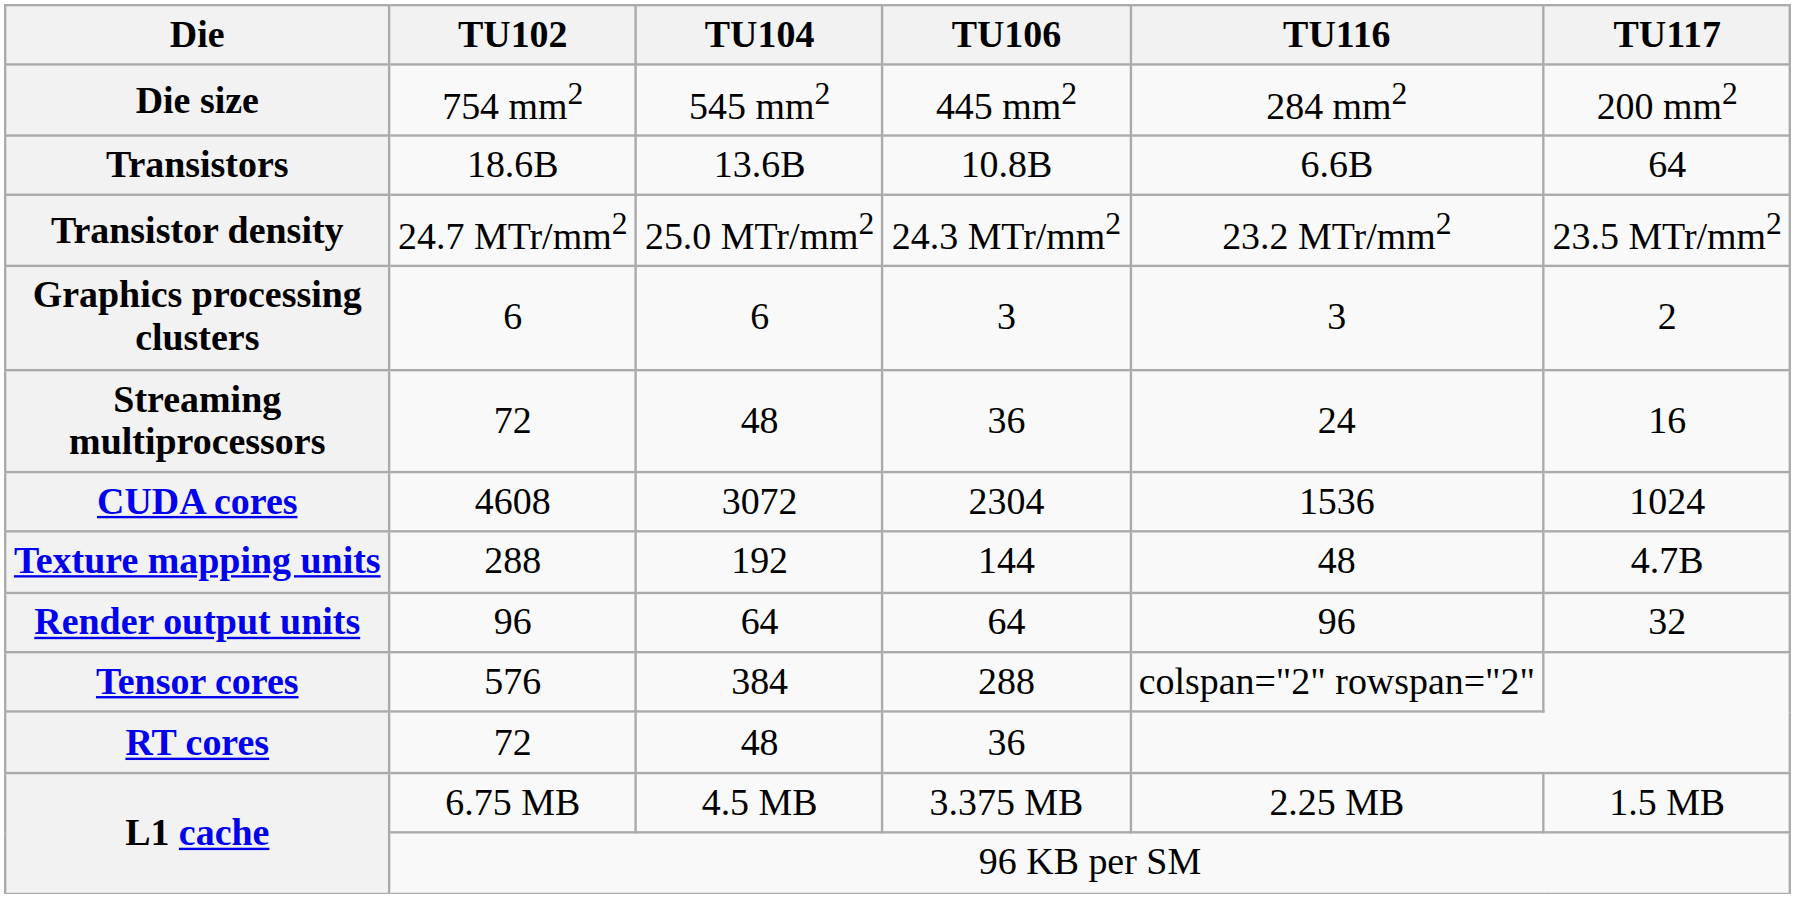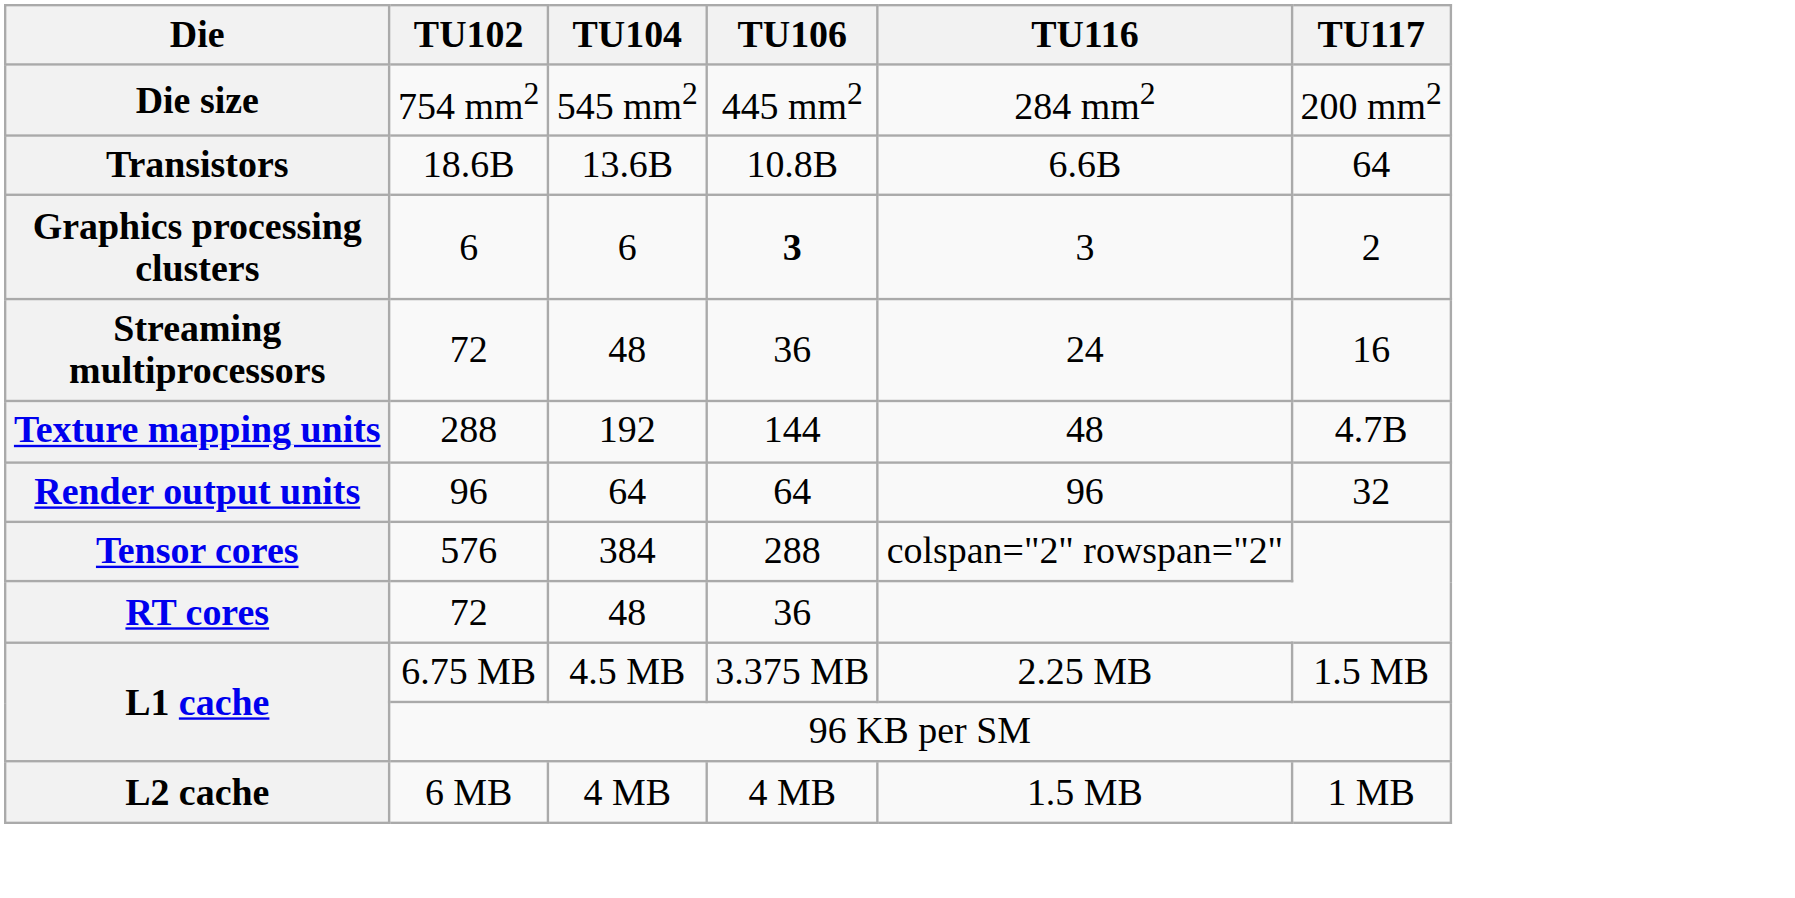 <table class="wikitable" style="font-size:100%; text-align:center;">
 <tr>
 <th>Die</th>
 <th>TU102</th>
 <th>TU104</th>
 <th>TU106</th>
 <th>TU116</th>
 <th>TU117</th>
 </tr>
 <tr>
 <th>Die size</th>
 <td>754 mm<sup>2</sup></td>
 <td>545 mm<sup>2</sup></td>
 <td>445 mm<sup>2</sup></td>
 <td>284 mm<sup>2</sup></td>
 <td>200 mm<sup>2</sup></td>
 </tr>
 <tr>
 <th>Transistors</th>
 <td>18.6B</td>
 <td>13.6B</td>
 <td>10.8B</td>
 <td>6.6B</td>
 <td>64</td>
 </tr>
 <tr>
-<th>Transistor density</th>
-<td>24.7 MTr/mm<sup>2</sup></td>
-<td>25.0 MTr/mm<sup>2</sup></td>
-<td>24.3 MTr/mm<sup>2</sup></td>
-<td>23.2 MTr/mm<sup>2</sup></td>
-<td>23.5 MTr/mm<sup>2</sup></td>
-</tr>
-<tr>
 <th>Graphics processing<br>clusters</th>
 <td>6</td>
 <td>6</td>
-<td>3</td>
+<td><strong>3</strong></td>
 <td>3</td>
 <td>2</td>
 </tr>
 <tr>
 <th>Streaming<br>multiprocessors</th>
 <td>72</td>
 <td>48</td>
 <td>36</td>
 <td>24</td>
 <td>16</td>
-</tr>
-<tr>
-<th><a href='#'>CUDA cores</a></th>
-<td>4608</td>
-<td>3072</td>
-<td>2304</td>
-<td>1536</td>
-<td>1024</td>
 </tr>
 <tr>
 <th><a href='#'>Texture mapping units</a></th>
 <td>288</td>
 <td>192</td>
 <td>144</td>
 <td>48</td>
 <td>4.7B</td>
 </tr>
 <tr>
 <th><a href='#'>Render output units</a></th>
 <td>96</td>
 <td>64</td>
 <td>64</td>
 <td>96</td>
 <td>32</td>
 </tr>
 <tr>
 <th><a href='#'>Tensor cores</a></th>
 <td>576</td>
 <td>384</td>
 <td>288</td>
 <td>colspan="2" rowspan="2" </td>
 </tr>
 <tr>
 <th><a href='#'>RT cores</a></th>
 <td>72</td>
 <td>48</td>
 <td>36</td>
 </tr>
 <tr>
 <th rowspan="2">L1 <a href='#'>cache</a></th>
 <td>6.75 MB</td>
 <td>4.5 MB</td>
 <td>3.375 MB</td>
 <td>2.25 MB</td>
 <td>1.5 MB</td>
 </tr>
 <tr>
 <td colspan="5">96 KB per SM</td>
 </tr>
+<tr>
+<th>L2 cache</th>
+<td>6 MB</td>
+<td>4 MB</td>
+<td>4 MB</td>
+<td>1.5 MB</td>
+<td>1 MB</td>
+</tr>
 </table>
